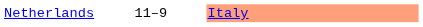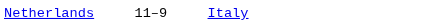 <table style="text-align:center">
 <tr>
 <th width=200></th>
 <th width=100></th>
 <th width=200></th>
 </tr>
 <tr>
 <td align=right><a href='#'>Netherlands</a> </td>
 <td>11–9</td>
-<td align=left style="background: lightsalmon;"> <a href='#'>Italy</a></td>
+<td align=left> <a href='#'>Italy</a></td>
 </tr>
 </table>
